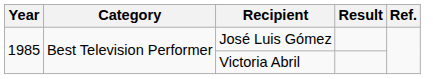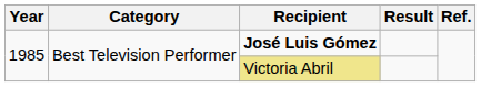 <table class = "wikitable sortable">
 <tr>
 <th>Year</th>
 <th>Category</th>
 <th>Recipient</th>
 <th>Result</th>
 <th>Ref.</th>
 </tr>
 <tr>
 <td rowspan=2>1985</td>
 <td rowspan=2>Best Television Performer</td>
-<td>José Luis Gómez</td>
+<td><strong>José Luis Gómez</strong></td>
 <td></td>
 <td rowspan=2></td>
 </tr>
 <tr>
-<td>Victoria Abril</td>
+<td style="background: khaki;">Victoria Abril</td>
 <td></td>
 </tr>
 </table>
